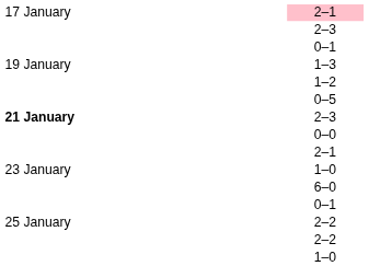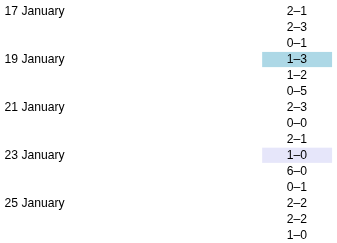 <table cellspacing=1 width=70%>
 <tr>
 <th width=25%></th>
 <th width=30%></th>
 <th width=15%></th>
 <th width=30%></th>
 </tr>
 <tr>
 <td>17 January</td>
 <td align=right></td>
-<td align=center style="background: pink;">2–1</td>
+<td align=center>2–1</td>
 <td></td>
 </tr>
 <tr>
 <td></td>
 <td align=right></td>
 <td align=center>2–3</td>
 <td></td>
 </tr>
 <tr>
 <td></td>
 <td align=right></td>
 <td align=center>0–1</td>
 <td></td>
 </tr>
 <tr>
 <td>19 January</td>
 <td align=right></td>
-<td align=center>1–3</td>
+<td align=center style="background: lightblue;">1–3</td>
 <td></td>
 </tr>
 <tr>
 <td></td>
 <td align=right></td>
 <td align=center>1–2</td>
 <td></td>
 </tr>
 <tr>
 <td></td>
 <td align=right></td>
 <td align=center>0–5</td>
 <td></td>
 </tr>
 <tr>
-<td><strong>21 January</strong></td>
+<td>21 January</td>
 <td align=right></td>
 <td align=center>2–3</td>
 <td></td>
 </tr>
 <tr>
 <td></td>
 <td align=right></td>
 <td align=center>0–0</td>
 <td></td>
 </tr>
 <tr>
 <td></td>
 <td align=right></td>
 <td align=center>2–1</td>
 <td></td>
 </tr>
 <tr>
 <td>23 January</td>
 <td align=right></td>
-<td align=center>1–0</td>
+<td align=center style="background: lavender;">1–0</td>
 <td></td>
 </tr>
 <tr>
 <td></td>
 <td align=right></td>
 <td align=center>6–0</td>
 <td></td>
 </tr>
 <tr>
 <td></td>
 <td align=right></td>
 <td align=center>0–1</td>
 <td></td>
 </tr>
 <tr>
 <td>25 January</td>
 <td align=right></td>
 <td align=center>2–2</td>
 <td></td>
 </tr>
 <tr>
 <td></td>
 <td align=right></td>
 <td align=center>2–2</td>
 <td></td>
 </tr>
 <tr>
 <td></td>
 <td align=right></td>
 <td align=center>1–0</td>
 <td></td>
 </tr>
 </table>
